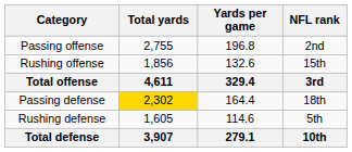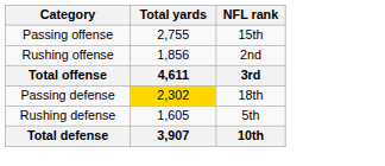 <table class="wikitable" style="text-align:center">
 <tr>
 <th width=150px>Category</th>
 <th width=100px>Total yards</th>
-<th width=110px>Yards per game</th>
 <th width=80px>NFL rank<br></th>
 </tr>
 <tr>
 <td>Passing offense</td>
 <td>2,755</td>
-<td>196.8</td>
-<td>2nd</td>
+<td>15th</td>
 </tr>
 <tr>
 <td>Rushing offense</td>
 <td>1,856</td>
-<td>132.6</td>
-<td>15th</td>
+<td>2nd</td>
 </tr>
 <tr>
 <th>Total offense</th>
 <th>4,611</th>
-<th>329.4</th>
 <th>3rd</th>
 </tr>
 <tr>
 <td>Passing defense</td>
 <td style="background: gold;">2,302</td>
-<td>164.4</td>
 <td>18th</td>
 </tr>
 <tr>
 <td>Rushing defense</td>
 <td>1,605</td>
-<td>114.6</td>
 <td>5th</td>
 </tr>
 <tr>
 <th>Total defense</th>
 <th>3,907</th>
-<th>279.1</th>
 <th>10th</th>
 </tr>
 </table>
